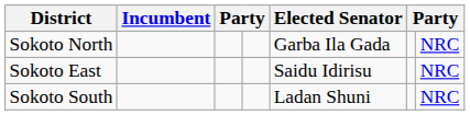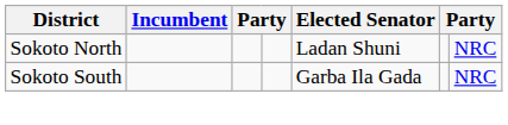 <table class="sortable wikitable" style="font-size:95%;line-height:14px;">
 <tr>
 <th class="unsortable">District</th>
 <th class="unsortable"><a href='#'>Incumbent</a></th>
 <th colspan="2">Party</th>
 <th class="unsortable">Elected Senator</th>
 <th colspan="2">Party</th>
 </tr>
 <tr>
 <td>Sokoto North</td>
 <td></td>
 <td></td>
 <td></td>
-<td>Garba Ila Gada</td>
-<td style="background:"></td>
-<td><a href='#'>NRC</a></td>
-</tr>
-<tr>
-<td>Sokoto East</td>
-<td></td>
-<td></td>
-<td></td>
-<td>Saidu Idirisu</td>
+<td>Ladan Shuni</td>
 <td style="background:"></td>
 <td><a href='#'>NRC</a></td>
 </tr>
 <tr>
 <td>Sokoto South</td>
 <td></td>
 <td></td>
 <td></td>
-<td>Ladan Shuni</td>
+<td>Garba Ila Gada</td>
 <td style="background:"></td>
 <td><a href='#'>NRC</a></td>
 </tr>
 </table>
